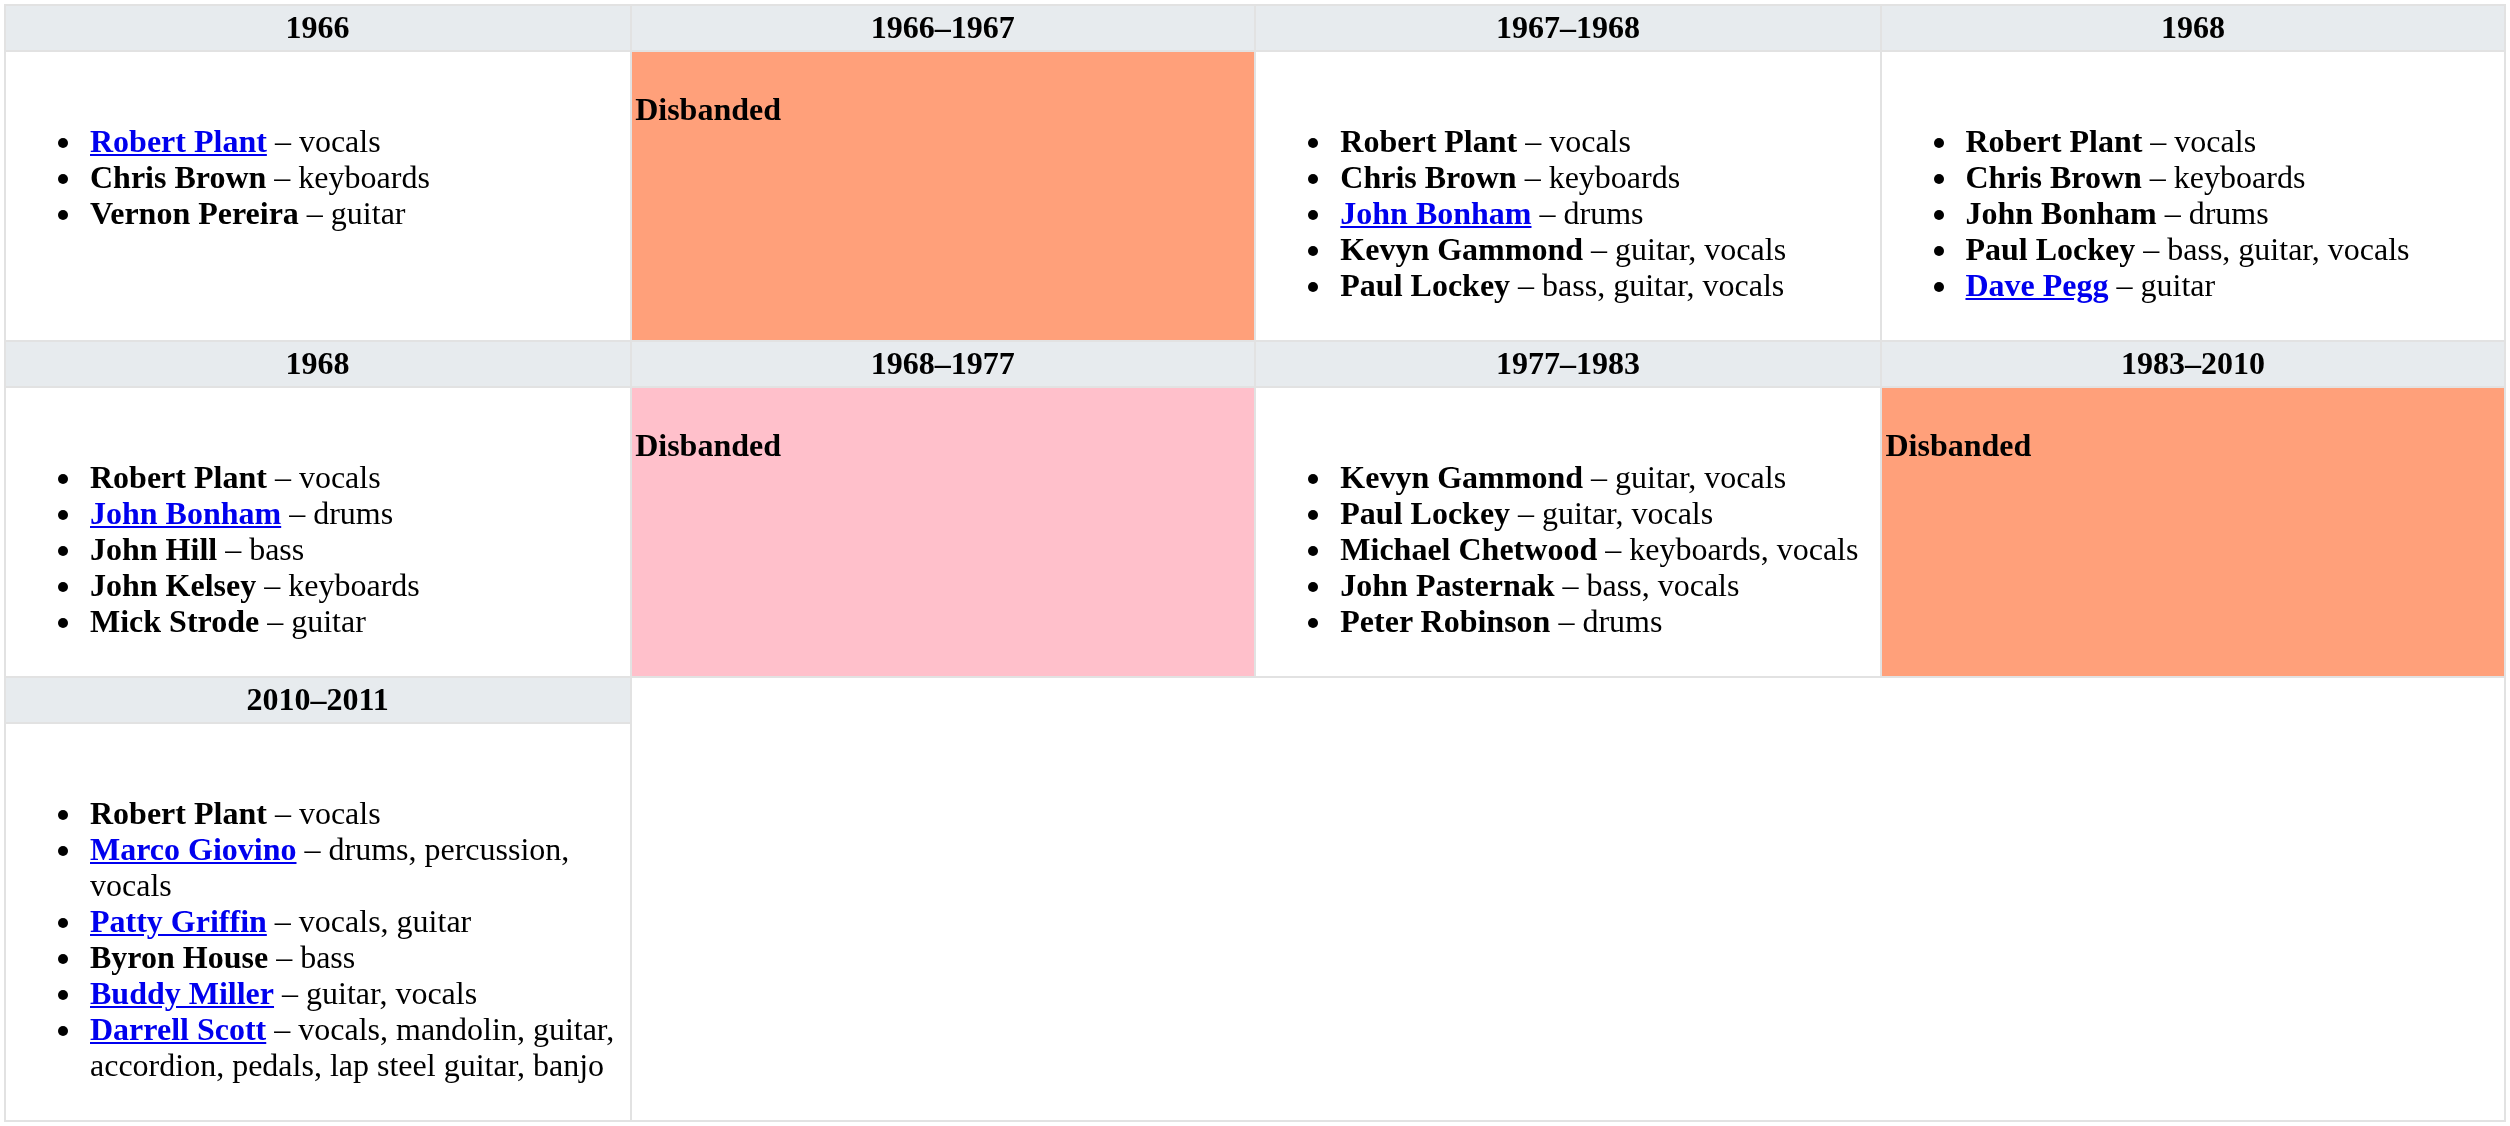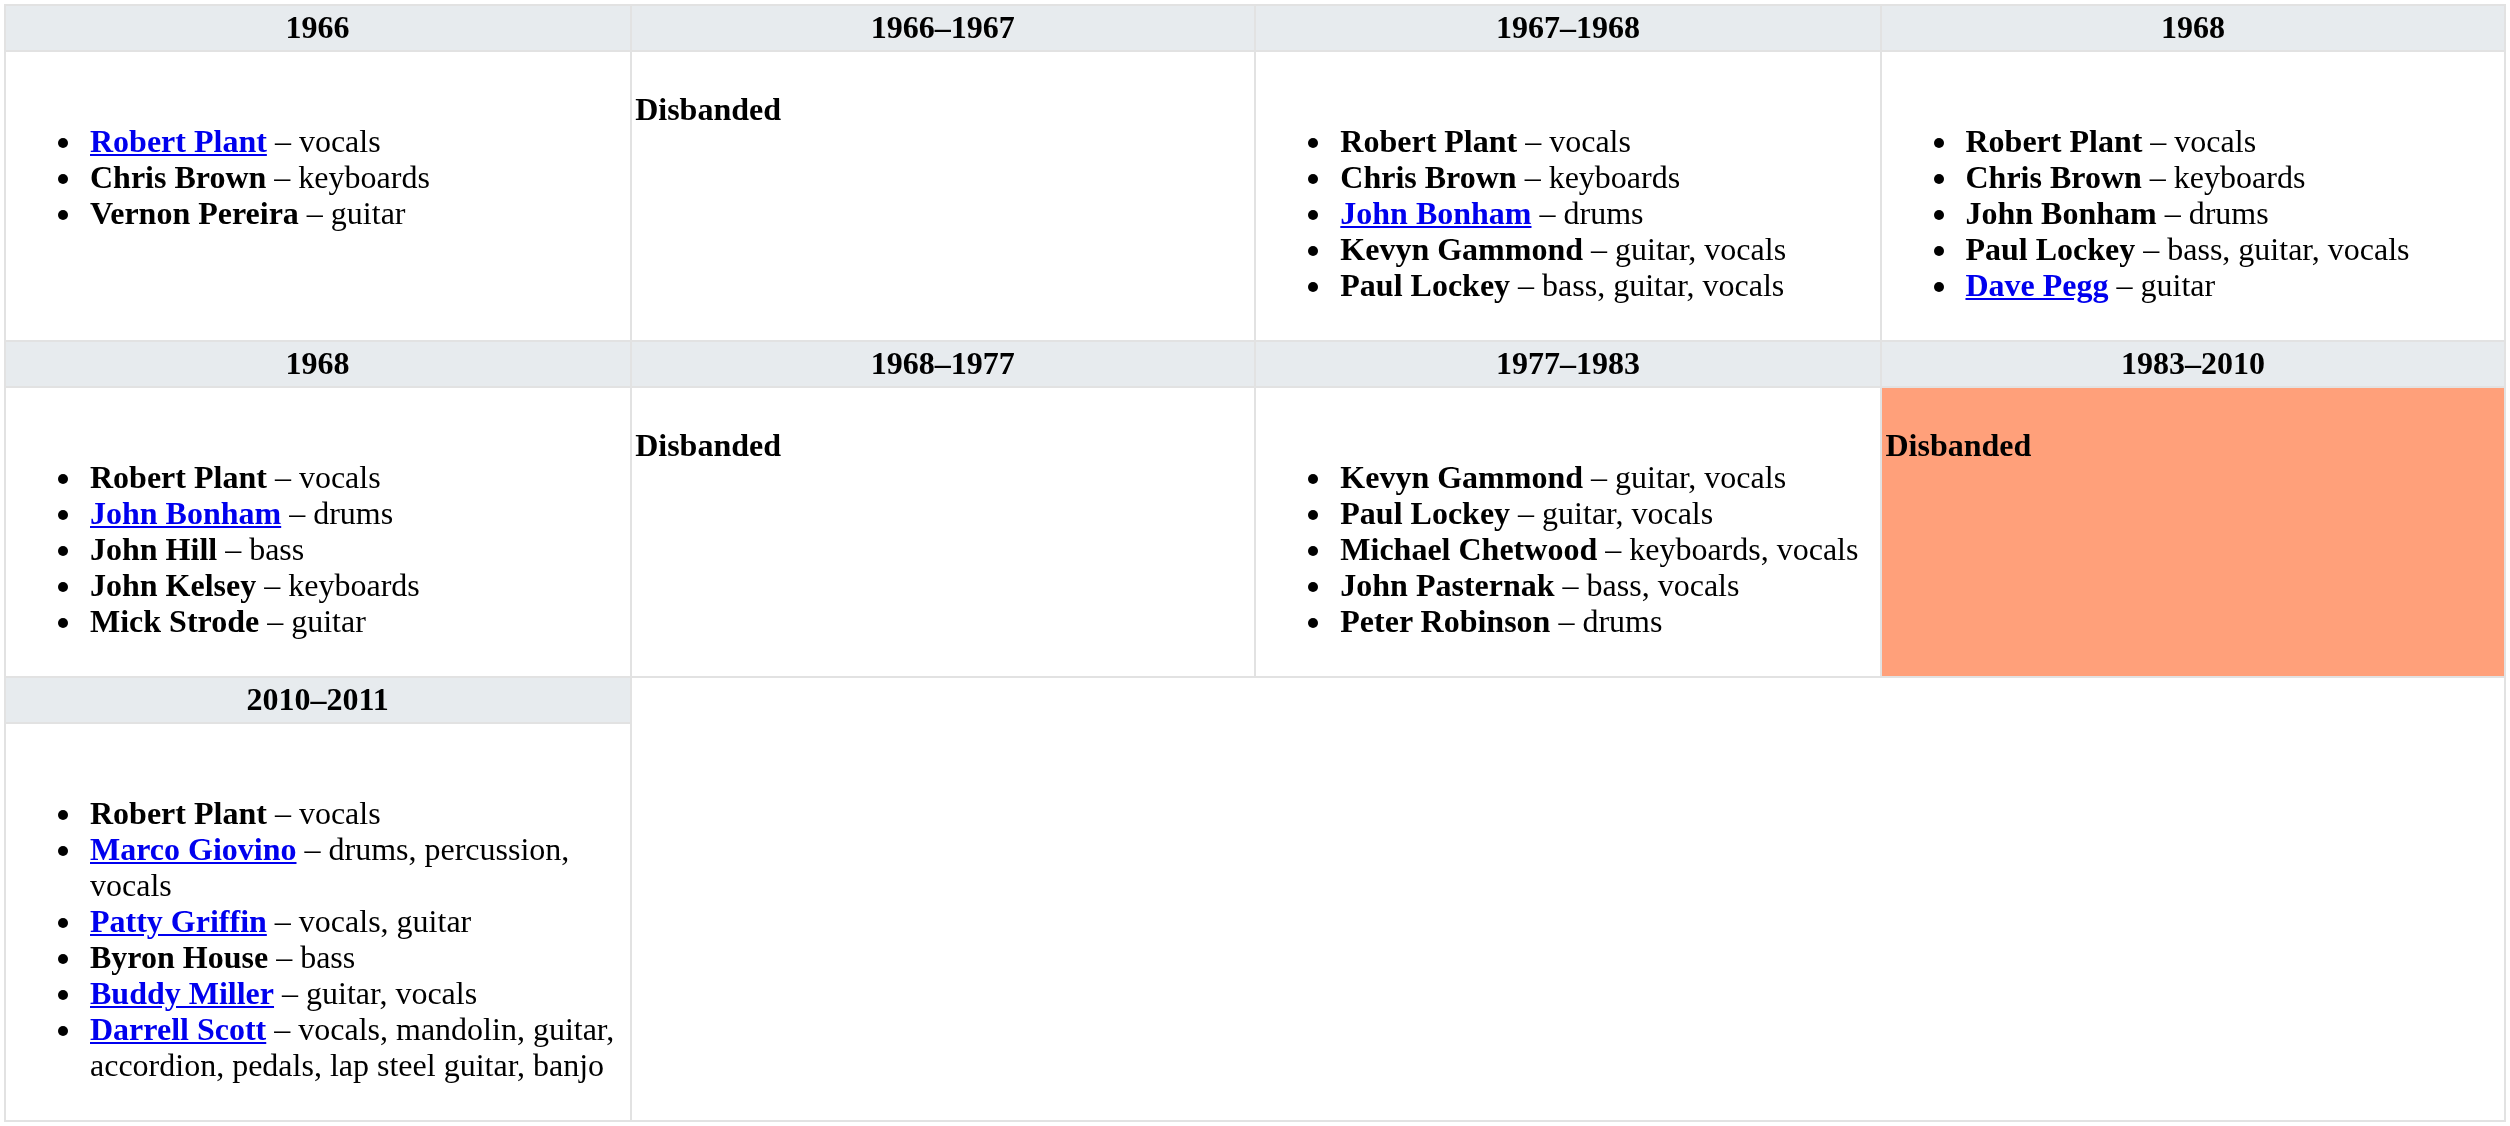 <table class="toccolours" border=1 cellpadding=2 cellspacing=0 style="float: width: 375px; margin: 0 0 1em 1em; border-collapse: collapse; border: 1px solid #E2E2E2;" width=99%>
 <tr>
 <th bgcolor="#E7EBEE" valign=top width=25%>1966</th>
 <th bgcolor="#E7EBEE" valign=top width=25%>1966–1967</th>
 <th bgcolor="#E7EBEE" valign=top width=25%>1967–1968</th>
 <th bgcolor="#E7EBEE" valign=top width=25%>1968</th>
 </tr>
 <tr>
 <td valign=top><br><ul><li><strong><a href='#'>Robert Plant</a></strong> – vocals</li><li><strong>Chris Brown</strong> – keyboards</li><li><strong>Vernon Pereira</strong> – guitar</li></ul></td>
-<td valign=top style="background: lightsalmon;"><br><strong>Disbanded</strong></td>
+<td valign=top><br><strong>Disbanded</strong></td>
 <td valign=top><br><ul><li><strong>Robert Plant</strong> – vocals</li><li><strong>Chris Brown</strong> – keyboards</li><li><strong><a href='#'>John Bonham</a></strong> – drums</li><li><strong>Kevyn Gammond</strong> – guitar, vocals</li><li><strong>Paul Lockey</strong> – bass, guitar, vocals</li></ul></td>
 <td valign=top><br><ul><li><strong>Robert Plant</strong> – vocals</li><li><strong>Chris Brown</strong> – keyboards</li><li><strong>John Bonham</strong> – drums</li><li><strong>Paul Lockey</strong> – bass, guitar, vocals</li><li><strong><a href='#'>Dave Pegg</a></strong> – guitar</li></ul></td>
 </tr>
 <tr>
 <th bgcolor="#E7EBEE" valign=top width=25%>1968</th>
 <th bgcolor="#E7EBEE" valign=top width=25%>1968–1977</th>
 <th bgcolor="#E7EBEE" valign=top width=25%>1977–1983</th>
 <th bgcolor="#E7EBEE" valign=top width=25%>1983–2010</th>
 </tr>
 <tr>
 <td valign=top><br><ul><li><strong>Robert Plant</strong> – vocals</li><li><strong><a href='#'>John Bonham</a></strong> – drums</li><li><strong>John Hill</strong> – bass</li><li><strong>John Kelsey</strong> – keyboards</li><li><strong>Mick Strode</strong> – guitar</li></ul></td>
-<td valign=top style="background: pink;"><br><strong>Disbanded</strong></td>
+<td valign=top><br><strong>Disbanded</strong></td>
 <td valign=top><br><ul><li><strong>Kevyn Gammond</strong> – guitar, vocals</li><li><strong>Paul Lockey</strong> – guitar, vocals</li><li><strong>Michael Chetwood</strong> – keyboards, vocals</li><li><strong>John Pasternak</strong> – bass, vocals</li><li><strong>Peter Robinson</strong> – drums</li></ul></td>
 <td valign=top style="background: lightsalmon;"><br><strong>Disbanded</strong></td>
 </tr>
 <tr>
 <th bgcolor="#E7EBEE" valign=top width=25%>2010–2011</th>
 </tr>
 <tr>
 <td valign=top><br><ul><li><strong>Robert Plant</strong> – vocals</li><li><strong><a href='#'>Marco Giovino</a></strong> – drums, percussion, vocals</li><li><strong><a href='#'>Patty Griffin</a></strong> – vocals, guitar</li><li><strong>Byron House</strong> – bass</li><li><strong><a href='#'>Buddy Miller</a></strong> – guitar, vocals</li><li><strong><a href='#'>Darrell Scott</a></strong> – vocals, mandolin, guitar, accordion, pedals, lap steel guitar, banjo</li></ul></td>
 </tr>
 </table>
